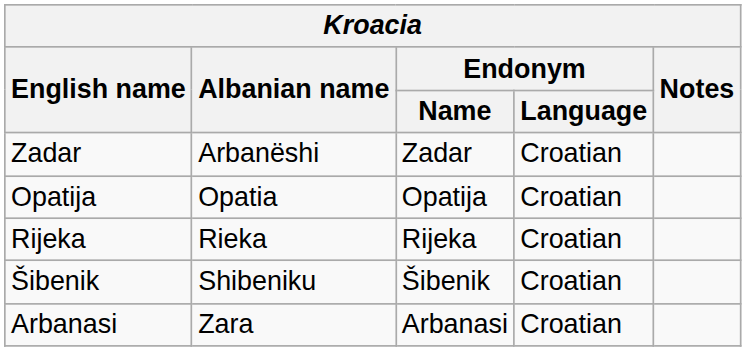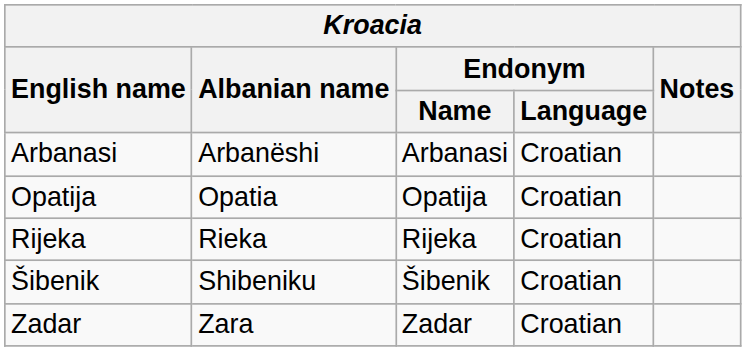 <table class="wikitable sortable">
 <tr>
 <th colspan="5"> <em>Kroacia</em></th>
 </tr>
 <tr>
 <th rowspan="2">English name</th>
 <th rowspan="2">Albanian name</th>
 <th colspan="2">Endonym</th>
 <th rowspan="2">Notes</th>
 </tr>
 <tr>
 <th>Name</th>
 <th>Language</th>
 </tr>
 <tr>
-<td>Zadar</td>
+<td>Arbanasi</td>
 <td>Arbanëshi</td>
-<td>Zadar</td>
+<td>Arbanasi</td>
 <td>Croatian</td>
 <td></td>
 </tr>
 <tr>
 <td>Opatija</td>
 <td>Opatia</td>
 <td>Opatija</td>
 <td>Croatian</td>
 <td></td>
 </tr>
 <tr>
 <td>Rijeka</td>
 <td>Rieka</td>
 <td>Rijeka</td>
 <td>Croatian</td>
 <td></td>
 </tr>
 <tr>
 <td>Šibenik</td>
 <td>Shibeniku</td>
 <td>Šibenik</td>
 <td>Croatian</td>
 <td></td>
 </tr>
 <tr>
-<td>Arbanasi</td>
+<td>Zadar</td>
 <td>Zara</td>
-<td>Arbanasi</td>
+<td>Zadar</td>
 <td>Croatian</td>
 <td></td>
 </tr>
 </table>
